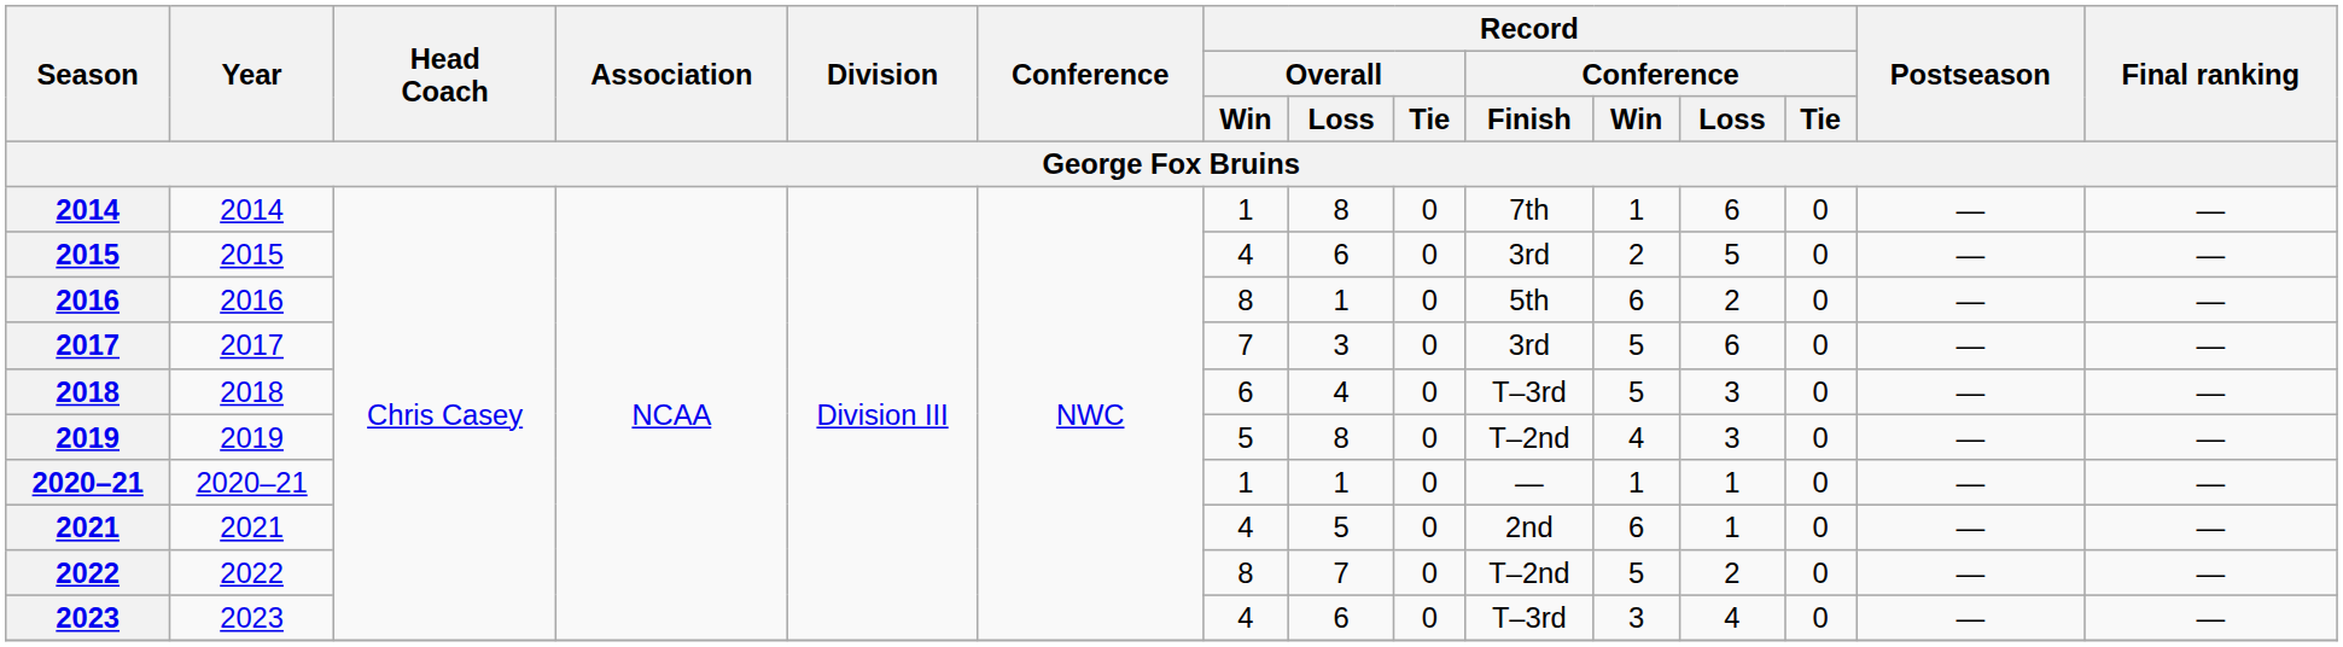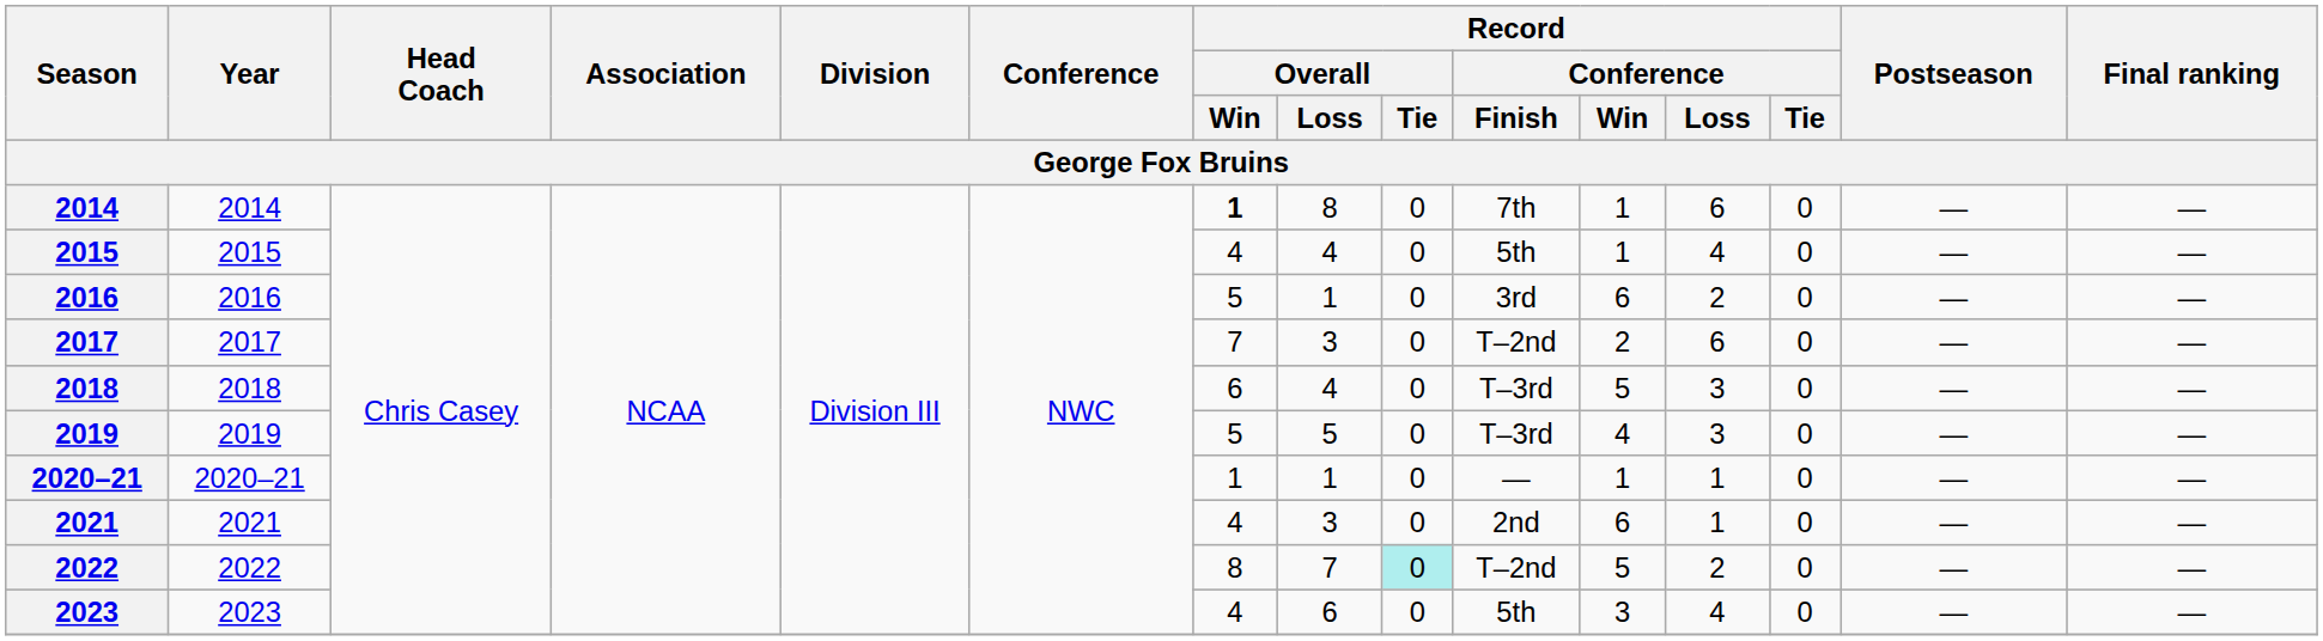 <table class="wikitable" style="font-size: 95%; width:98%;text-align:center;">
 <tr>
 <th rowspan="3">Season</th>
 <th rowspan="3">Year</th>
 <th rowspan="3">Head<br>Coach</th>
 <th rowspan="3">Association</th>
 <th rowspan="3">Division</th>
 <th rowspan="3">Conference</th>
 <th colspan="7">Record</th>
 <th rowspan="3">Postseason</th>
 <th rowspan="3">Final ranking</th>
 </tr>
 <tr>
 <th colspan="3">Overall</th>
 <th colspan="4">Conference</th>
 </tr>
 <tr>
 <th>Win</th>
 <th>Loss</th>
 <th>Tie</th>
 <th>Finish</th>
 <th>Win</th>
 <th>Loss</th>
 <th>Tie</th>
 </tr>
 <tr>
 <th colspan="15">George Fox Bruins</th>
 </tr>
 <tr>
 <th><a href='#'>2014</a></th>
 <td><a href='#'>2014</a></td>
 <td rowspan="10"><a href='#'>Chris Casey</a></td>
 <td rowspan="10"><a href='#'>NCAA</a></td>
 <td rowspan="10"><a href='#'>Division III</a></td>
 <td rowspan="10"><a href='#'>NWC</a></td>
-<td>1</td>
+<td><strong>1</strong></td>
 <td>8</td>
 <td>0</td>
 <td>7th</td>
 <td>1</td>
 <td>6</td>
 <td>0</td>
 <td>—</td>
 <td>—</td>
 </tr>
 <tr>
 <th><a href='#'>2015</a></th>
 <td><a href='#'>2015</a></td>
 <td>4</td>
-<td>6</td>
+<td>4</td>
 <td>0</td>
-<td>3rd</td>
-<td>2</td>
-<td>5</td>
+<td>5th</td>
+<td>1</td>
+<td>4</td>
 <td>0</td>
 <td>—</td>
 <td>—</td>
 </tr>
 <tr>
 <th><a href='#'>2016</a></th>
 <td><a href='#'>2016</a></td>
-<td>8</td>
+<td>5</td>
 <td>1</td>
 <td>0</td>
-<td>5th</td>
+<td>3rd</td>
 <td>6</td>
 <td>2</td>
 <td>0</td>
 <td>—</td>
 <td>—</td>
 </tr>
 <tr>
 <th><a href='#'>2017</a></th>
 <td><a href='#'>2017</a></td>
 <td>7</td>
 <td>3</td>
 <td>0</td>
-<td>3rd</td>
-<td>5</td>
+<td>T–2nd</td>
+<td>2</td>
 <td>6</td>
 <td>0</td>
 <td>—</td>
 <td>—</td>
 </tr>
 <tr>
 <th><a href='#'>2018</a></th>
 <td><a href='#'>2018</a></td>
 <td>6</td>
 <td>4</td>
 <td>0</td>
 <td>T–3rd</td>
 <td>5</td>
 <td>3</td>
 <td>0</td>
 <td>—</td>
 <td>—</td>
 </tr>
 <tr>
 <th><a href='#'>2019</a></th>
 <td><a href='#'>2019</a></td>
 <td>5</td>
-<td>8</td>
+<td>5</td>
 <td>0</td>
-<td>T–2nd</td>
+<td>T–3rd</td>
 <td>4</td>
 <td>3</td>
 <td>0</td>
 <td>—</td>
 <td>—</td>
 </tr>
 <tr>
 <th><a href='#'>2020–21</a></th>
 <td><a href='#'>2020–21</a></td>
 <td>1</td>
 <td>1</td>
 <td>0</td>
 <td>—</td>
 <td>1</td>
 <td>1</td>
 <td>0</td>
 <td>—</td>
 <td>—</td>
 </tr>
 <tr>
 <th><a href='#'>2021</a></th>
 <td><a href='#'>2021</a></td>
 <td>4</td>
-<td>5</td>
+<td>3</td>
 <td>0</td>
 <td>2nd</td>
 <td>6</td>
 <td>1</td>
 <td>0</td>
 <td>—</td>
 <td>—</td>
 </tr>
 <tr>
 <th><a href='#'>2022</a></th>
 <td><a href='#'>2022</a></td>
 <td>8</td>
 <td>7</td>
-<td>0</td>
+<td style="background: paleturquoise;">0</td>
 <td>T–2nd</td>
 <td>5</td>
 <td>2</td>
 <td>0</td>
 <td>—</td>
 <td>—</td>
 </tr>
 <tr>
 <th><a href='#'>2023</a></th>
 <td><a href='#'>2023</a></td>
 <td>4</td>
 <td>6</td>
 <td>0</td>
-<td>T–3rd</td>
+<td>5th</td>
 <td>3</td>
 <td>4</td>
 <td>0</td>
 <td>—</td>
 <td>—</td>
 </tr>
 <tr>
 </tr>
 </table>
